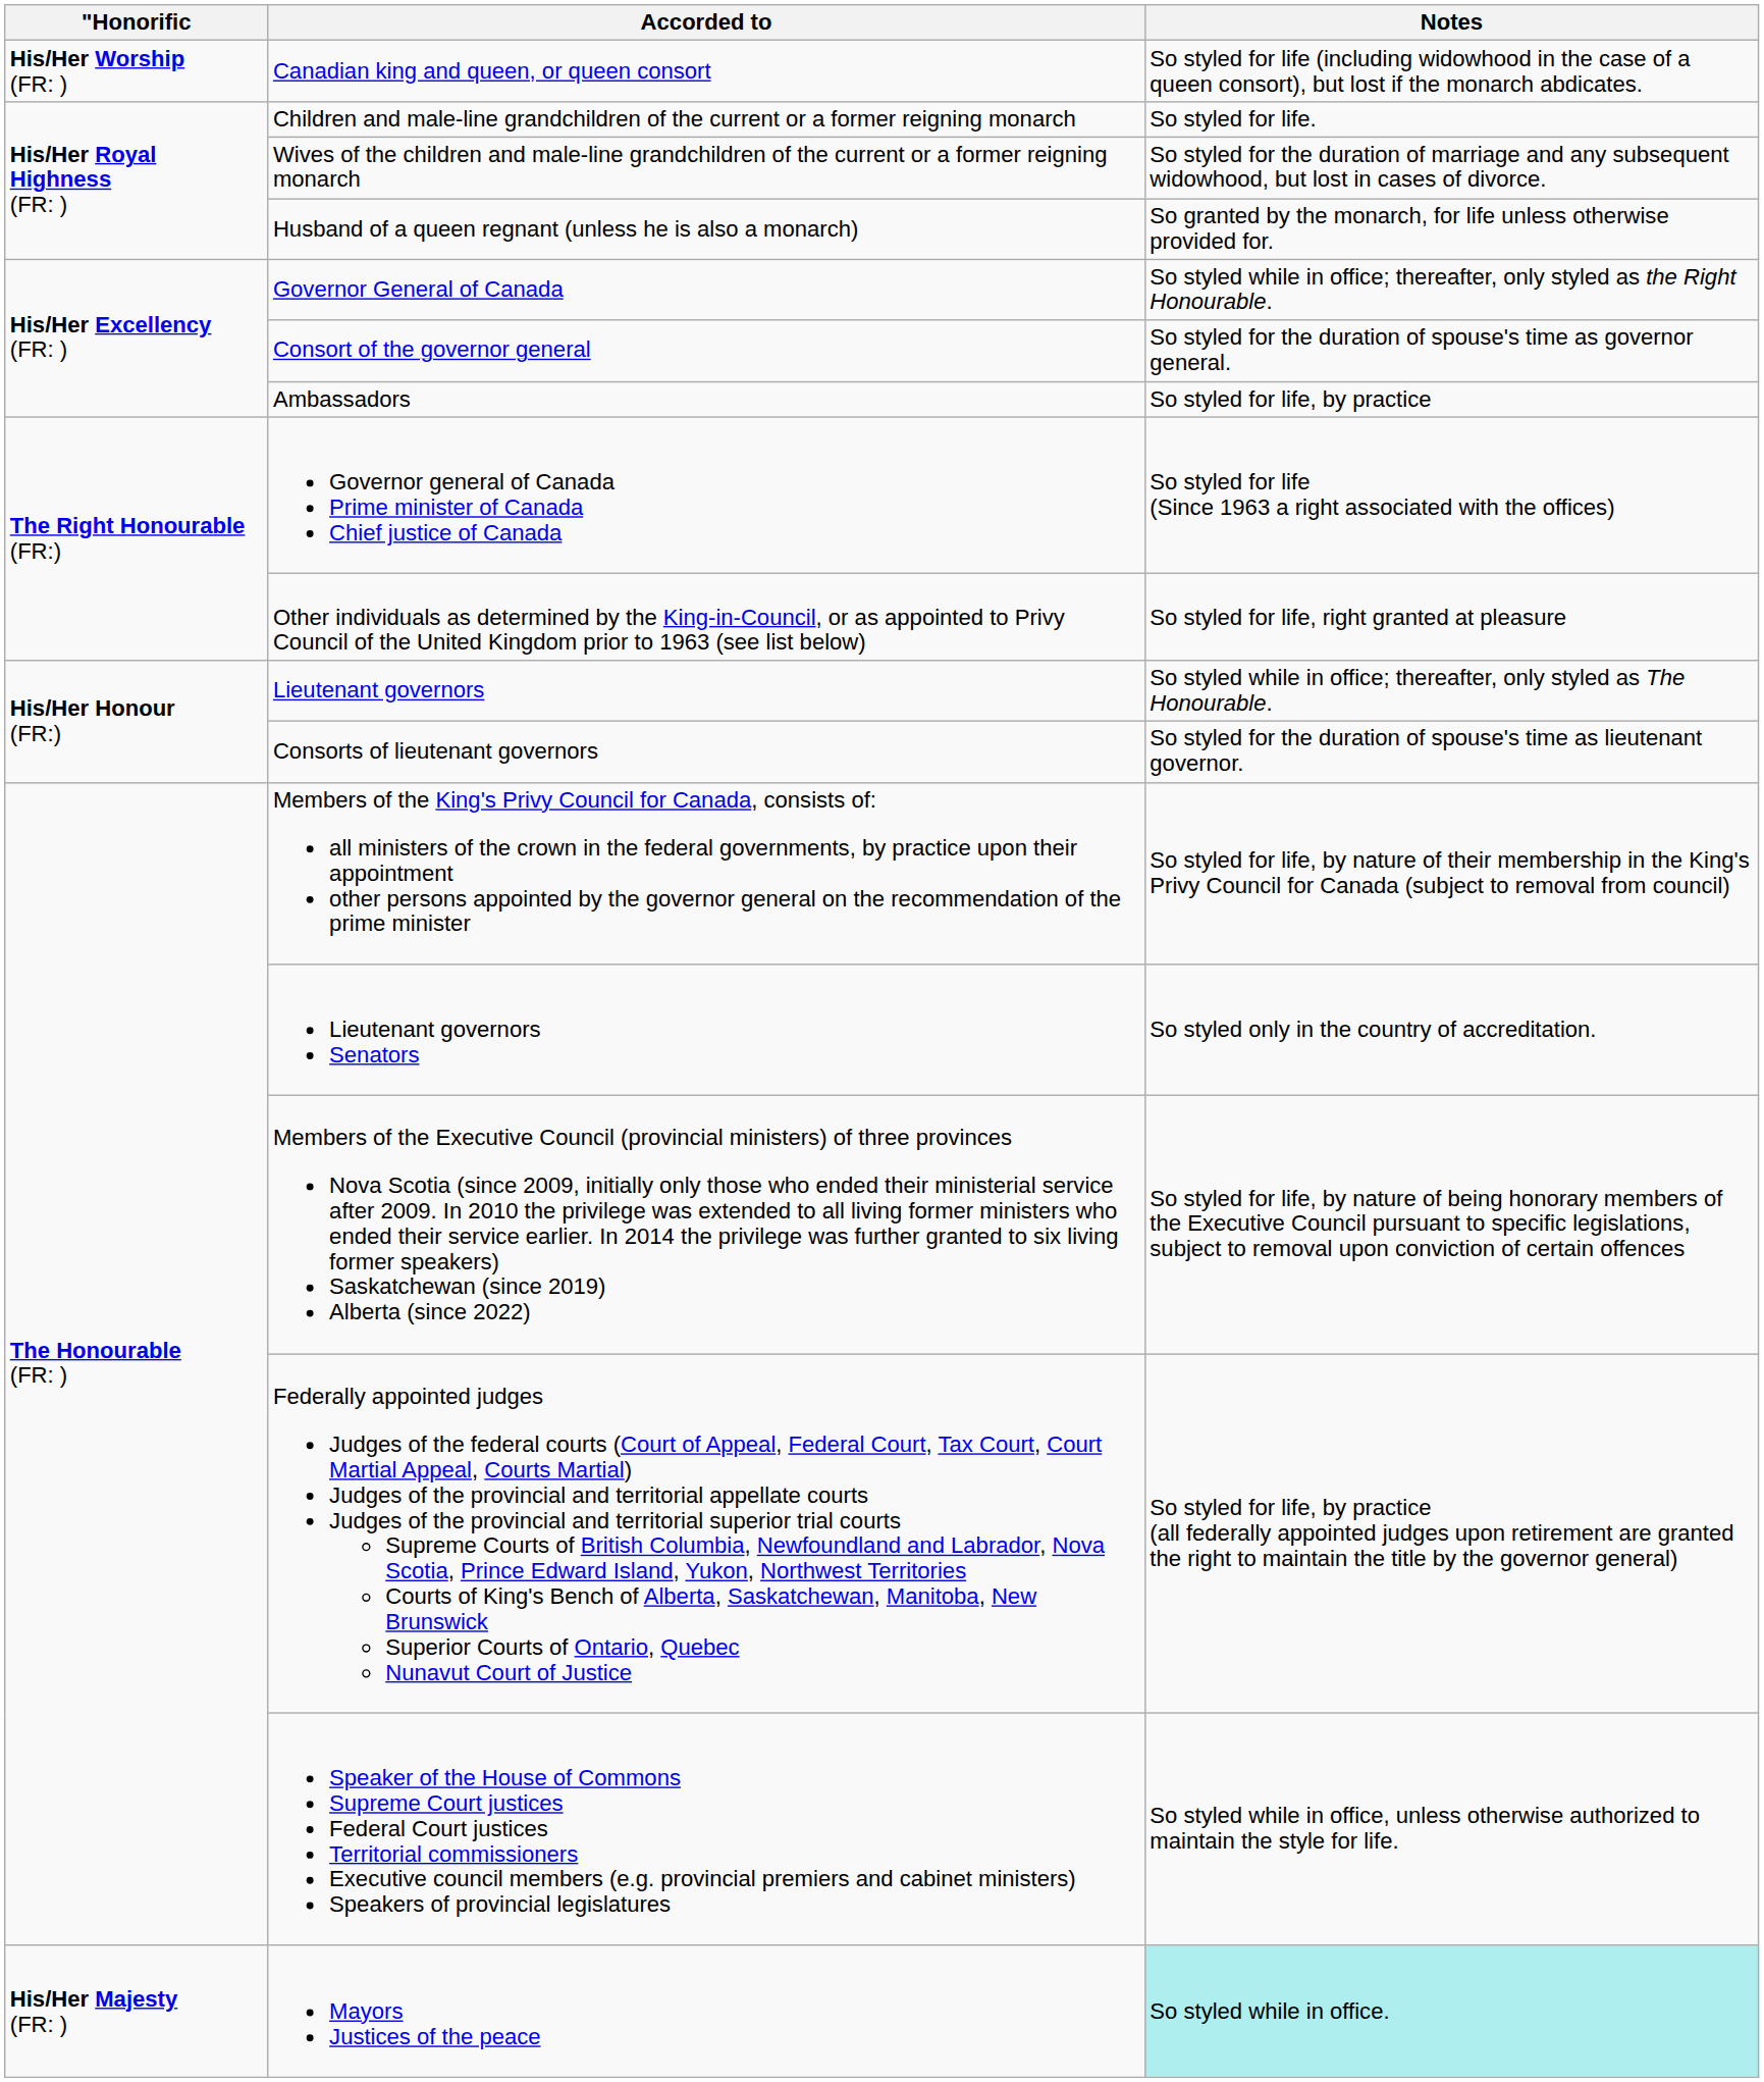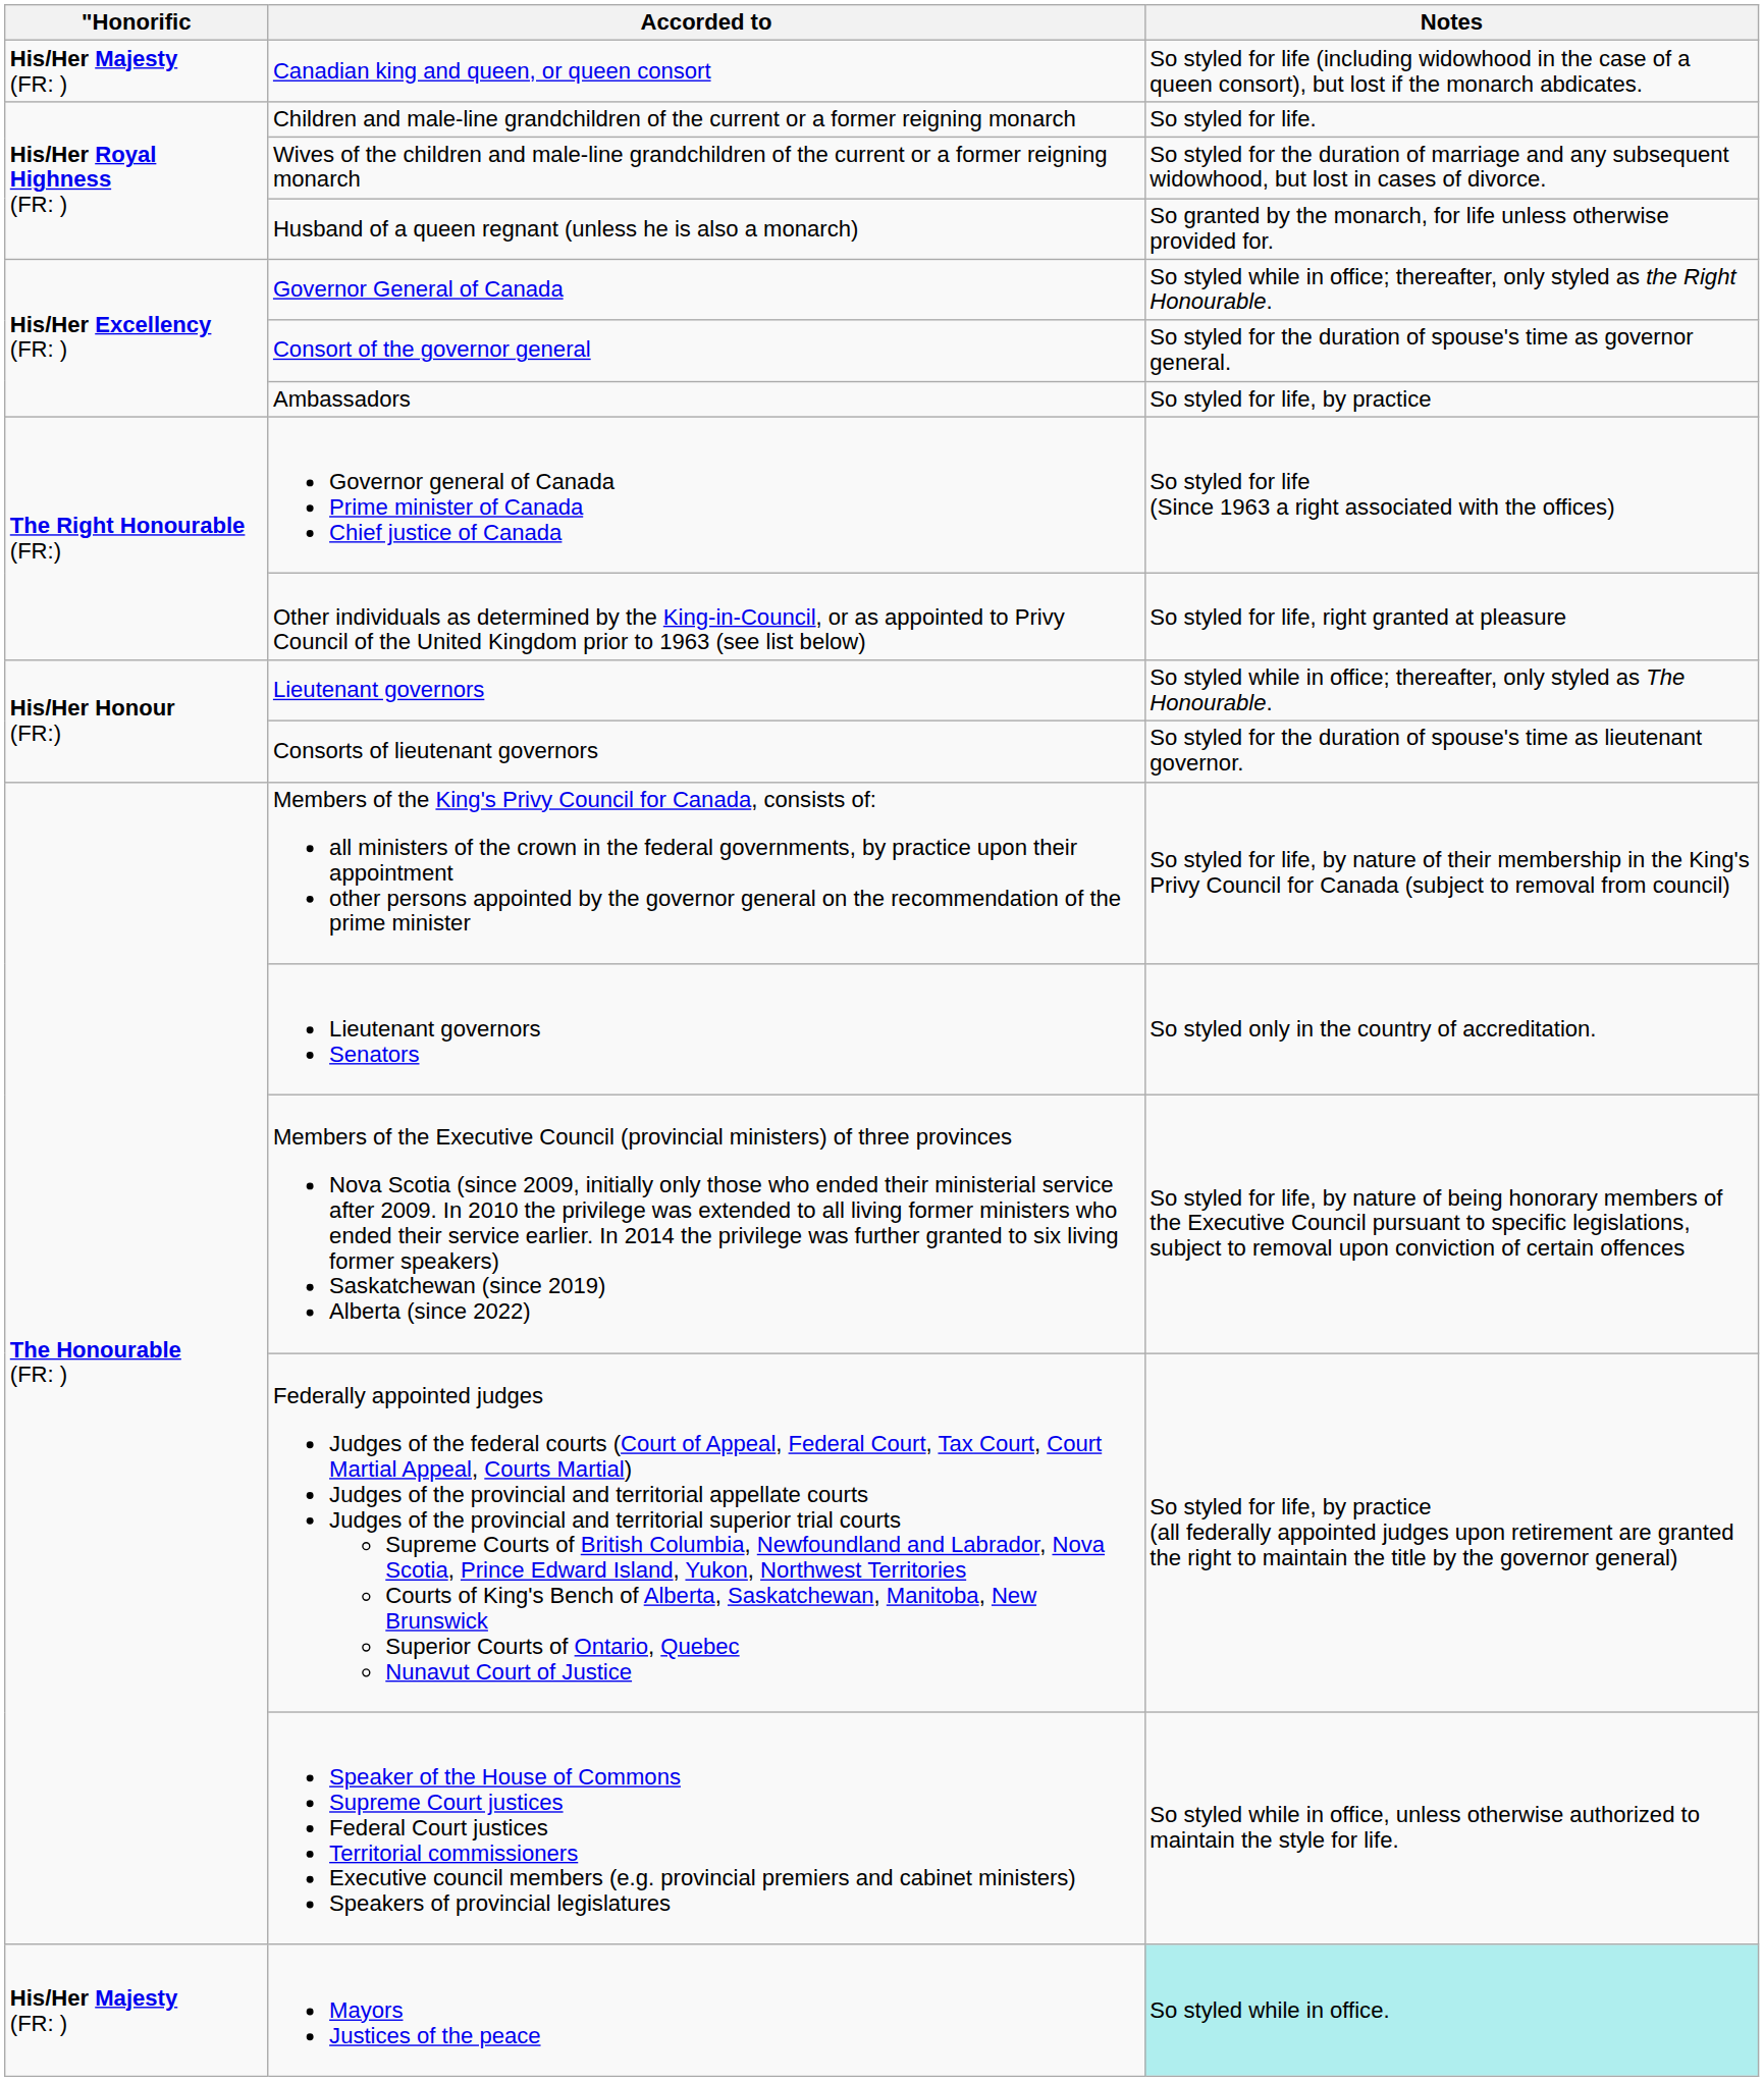 <table class="wikitable">
 <tr>
 <th style="width: 15%;">"Honorific</th>
 <th style="width: 50%;">Accorded to</th>
 <th style="width: 35%;">Notes</th>
 </tr>
 <tr>
-<td><strong>His/Her <a href='#'>Worship</a></strong><br>(FR: )</td>
+<td><strong>His/Her <a href='#'>Majesty</a></strong> <br>(FR: )</td>
 <td><a href='#'>Canadian king and queen, or queen consort</a></td>
 <td>So styled for life (including widowhood in the case of a queen consort), but lost if the monarch abdicates.</td>
 </tr>
 <tr>
 <td rowspan=3><strong>His/Her <a href='#'>Royal Highness</a></strong><br>(FR: )</td>
 <td>Children and male-line grandchildren of the current or a former reigning monarch</td>
 <td>So styled for life.</td>
 </tr>
 <tr>
 <td>Wives of the children and male-line grandchildren of the current or a former reigning monarch</td>
 <td>So styled for the duration of marriage and any subsequent widowhood, but lost in cases of divorce.</td>
 </tr>
 <tr>
 <td>Husband of a queen regnant (unless he is also a monarch)</td>
 <td>So granted by the monarch, for life unless otherwise provided for.</td>
 </tr>
 <tr>
 <td rowspan=3><strong>His/Her <a href='#'>Excellency</a></strong><br>(FR: )</td>
 <td><a href='#'>Governor General of Canada</a></td>
 <td>So styled while in office; thereafter, only styled as <em>the Right Honourable</em>.</td>
 </tr>
 <tr>
 <td><a href='#'>Consort of the governor general</a></td>
 <td>So styled for the duration of spouse's time as governor general.</td>
 </tr>
 <tr>
 <td>Ambassadors</td>
 <td>So styled for life, by practice</td>
 </tr>
 <tr>
 <td rowspan=2><strong><a href='#'>The Right Honourable</a></strong><br>(FR:)</td>
 <td><br><ul><li>Governor general of Canada</li><li><a href='#'>Prime minister of Canada</a></li><li><a href='#'>Chief justice of Canada</a></li></ul></td>
 <td>So styled for life<br>(Since 1963 a right associated with the offices)</td>
 </tr>
 <tr>
 <td><br>Other individuals as determined by the <a href='#'>King-in-Council</a>, or as appointed to Privy Council of the United Kingdom prior to 1963 (see list below)</td>
 <td>So styled for life, right granted at pleasure</td>
 </tr>
 <tr>
 <td rowspan=2><strong>His/Her Honour</strong><br>(FR:)</td>
 <td><a href='#'>Lieutenant governors</a></td>
 <td>So styled while in office; thereafter, only styled as <em>The Honourable</em>.</td>
 </tr>
 <tr>
 <td>Consorts of lieutenant governors</td>
 <td>So styled for the duration of spouse's time as lieutenant governor.</td>
 </tr>
 <tr>
 <td rowspan=5><strong><a href='#'>The Honourable</a></strong><br>(FR: )</td>
 <td>Members of the <a href='#'>King's Privy Council for Canada</a>, consists of:<br><ul><li>all ministers of the crown in the federal governments, by practice upon their appointment</li><li>other persons appointed by the governor general on the recommendation of the prime minister</li></ul></td>
 <td>So styled for life, by nature of their membership in the King's Privy Council for Canada (subject to removal from council)</td>
 </tr>
 <tr>
 <td><br><ul><li>Lieutenant governors</li><li><a href='#'>Senators</a></li></ul></td>
 <td>So styled only in the country of accreditation.</td>
 </tr>
 <tr>
 <td><br>Members of the Executive Council (provincial ministers) of three provinces<ul><li>Nova Scotia (since 2009, initially only those who ended their ministerial service after 2009. In 2010 the privilege was extended to all living former ministers who ended their service earlier. In 2014 the privilege was further granted to six living former speakers)</li><li>Saskatchewan (since 2019)</li><li>Alberta (since 2022) </li></ul></td>
 <td>So styled for life, by nature of being honorary members of the Executive Council pursuant to specific legislations, subject to removal upon conviction of certain offences</td>
 </tr>
 <tr>
 <td><br>Federally appointed judges<ul><li>Judges of the federal courts (<a href='#'>Court of Appeal</a>, <a href='#'>Federal Court</a>, <a href='#'>Tax Court</a>, <a href='#'>Court Martial Appeal</a>, <a href='#'>Courts Martial</a>)</li><li>Judges of the provincial and territorial appellate courts</li><li>Judges of the provincial and territorial superior trial courts<ul><li>Supreme Courts of <a href='#'>British Columbia</a>, <a href='#'>Newfoundland and Labrador</a>, <a href='#'>Nova Scotia</a>, <a href='#'>Prince Edward Island</a>, <a href='#'>Yukon</a>, <a href='#'>Northwest Territories</a></li><li>Courts of King's Bench of <a href='#'>Alberta</a>, <a href='#'>Saskatchewan</a>, <a href='#'>Manitoba</a>, <a href='#'>New Brunswick</a></li><li>Superior Courts of <a href='#'>Ontario</a>, <a href='#'>Quebec</a></li><li><a href='#'>Nunavut Court of Justice</a></li></ul></li></ul></td>
 <td>So styled for life, by practice <br>(all federally appointed judges upon retirement are granted the right to maintain the title by the governor general)</td>
 </tr>
 <tr>
 <td><br><ul><li><a href='#'>Speaker of the House of Commons</a></li><li><a href='#'>Supreme Court justices</a></li><li>Federal Court justices</li><li><a href='#'>Territorial commissioners</a></li><li>Executive council members (e.g. provincial premiers and cabinet ministers)</li><li>Speakers of provincial legislatures</li></ul></td>
 <td>So styled while in office, unless otherwise authorized to maintain the style for life.</td>
 </tr>
 <tr>
 <td><strong>His/Her <a href='#'>Majesty</a></strong> <br>(FR: )</td>
 <td><br><ul><li><a href='#'>Mayors</a></li><li><a href='#'>Justices of the peace</a></li></ul></td>
 <td style="background: paleturquoise;">So styled while in office.</td>
 </tr>
 </table>
